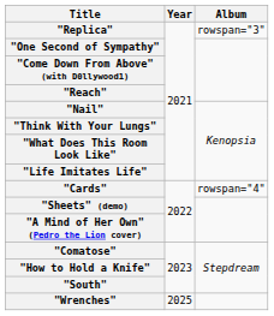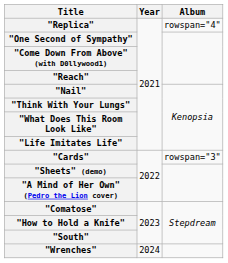 <table class="wikitable plainrowheaders" style="text-align:center;">
 <tr>
 <th scope="col" style="width:15em;">Title</th>
 <th scope="col">Year</th>
 <th scope="col">Album</th>
 </tr>
 <tr>
 <th scope="row">"Replica"</th>
 <td rowspan="8">2021</td>
-<td>rowspan="3" </td>
+<td>rowspan="4" </td>
 </tr>
 <tr>
 <th scope="row">"One Second of Sympathy"</th>
 </tr>
 <tr>
 <th scope="row">"Come Down From Above"<br><small>(with D0llywood1)</small></th>
 </tr>
 <tr>
 <th scope="row">"Reach"</th>
 </tr>
 <tr>
 <th scope="row">"Nail"</th>
 <td rowspan="4"><em>Kenopsia</em></td>
 </tr>
 <tr>
 <th scope="row">"Think With Your Lungs"</th>
 </tr>
 <tr>
 <th scope="row">"What Does This Room Look Like"</th>
 </tr>
 <tr>
 <th scope="row">"Life Imitates Life"</th>
 </tr>
 <tr>
 <th scope="row">"Cards"</th>
 <td rowspan="3">2022</td>
-<td>rowspan="4" </td>
+<td>rowspan="3" </td>
 </tr>
 <tr>
 <th scope="row">"Sheets" <small>(demo)</small></th>
 </tr>
 <tr>
 <th scope="row">"A Mind of Her Own" <small>(<a href='#'>Pedro the Lion</a> cover)</small></th>
 </tr>
 <tr>
 <th scope="row">"Comatose"</th>
 <td rowspan="3">2023</td>
 <td rowspan="3"><em>Stepdream</em></td>
 </tr>
 <tr>
 <th scope="row">"How to Hold a Knife"</th>
 </tr>
 <tr>
 <th scope="row">"South"</th>
 </tr>
 <tr>
 <th scope="row">"Wrenches"</th>
-<td>2025</td>
+<td>2024</td>
 <td></td>
 </tr>
 </table>
